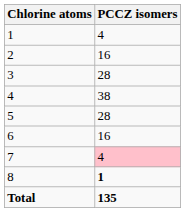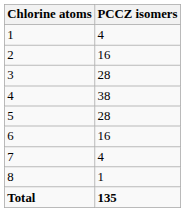 <table class="wikitable floatright">
 <tr>
 <th>Chlorine atoms</th>
 <th>PCCZ isomers</th>
 </tr>
 <tr>
 <td>1</td>
 <td>4</td>
 </tr>
 <tr>
 <td>2</td>
 <td>16</td>
 </tr>
 <tr>
 <td>3</td>
 <td>28</td>
 </tr>
 <tr>
 <td>4</td>
 <td>38</td>
 </tr>
 <tr>
 <td>5</td>
 <td>28</td>
 </tr>
 <tr>
 <td>6</td>
 <td>16</td>
 </tr>
 <tr>
 <td>7</td>
-<td style="background: pink;">4</td>
+<td>4</td>
 </tr>
 <tr>
 <td>8</td>
-<td><strong>1</strong></td>
+<td>1</td>
 </tr>
 <tr>
 <td><strong>Total</strong></td>
 <td><strong>135</strong></td>
 </tr>
 </table>
